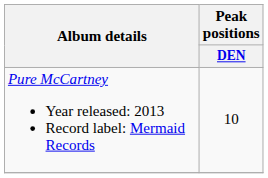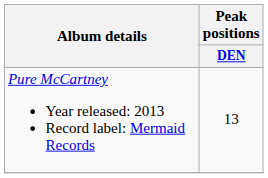 <table class="wikitable">
 <tr>
 <th align="center" rowspan="2" width="200">Album details</th>
 <th align="center" colspan="1" width="20">Peak positions</th>
 </tr>
 <tr>
 <th scope="col" style="width:3em;font-size:90%;"><a href='#'>DEN</a><br></th>
 </tr>
 <tr>
 <td><em><a href='#'>Pure McCartney</a></em><br><ul><li>Year released: 2013</li><li>Record label: <a href='#'>Mermaid Records</a></li></ul></td>
-<td style="text-align:center;">10</td>
+<td style="text-align:center;">13</td>
 </tr>
 <tr>
 </tr>
 </table>
